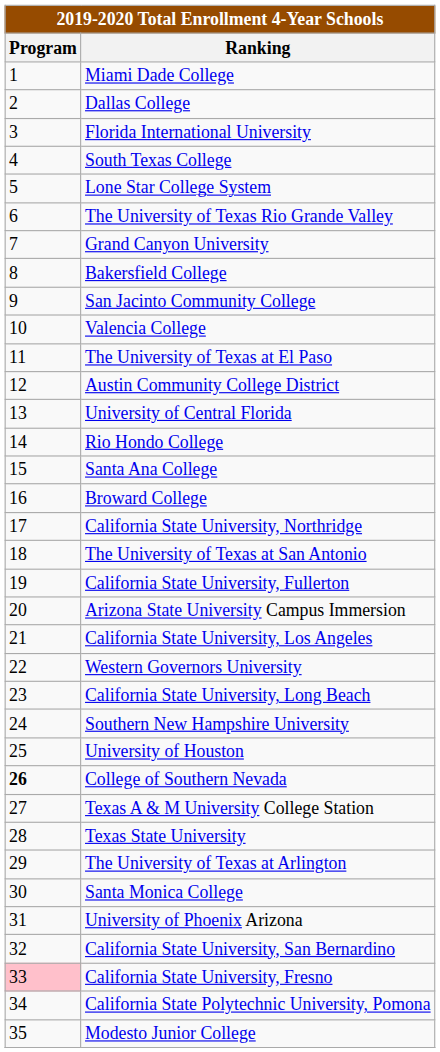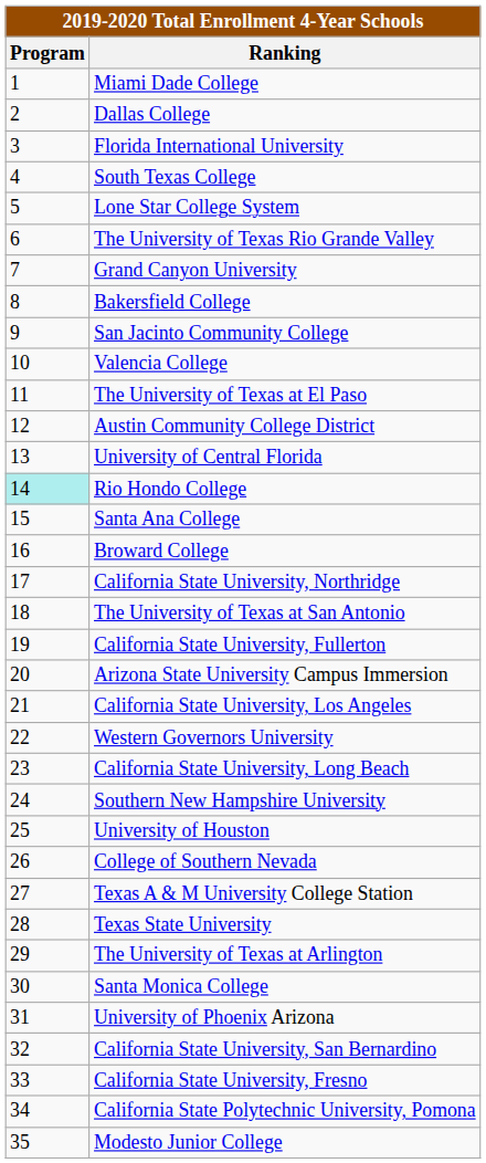 <table class="wikitable sortable collapsible collapsed" style="float:right" "text-align:center">
 <tr>
 <th colspan=4 style="background:#964B00; color:#FFFFFF; ">2019-2020 Total Enrollment 4-Year Schools</th>
 </tr>
 <tr>
 <th>Program</th>
 <th>Ranking</th>
 </tr>
 <tr>
 <td>1</td>
 <td><a href='#'>Miami Dade College</a></td>
 </tr>
 <tr>
 <td>2</td>
 <td><a href='#'>Dallas College</a></td>
 </tr>
 <tr>
 <td>3</td>
 <td><a href='#'>Florida International University</a></td>
 </tr>
 <tr>
 <td>4</td>
 <td><a href='#'>South Texas College</a></td>
 </tr>
 <tr>
 <td>5</td>
 <td><a href='#'>Lone Star College System</a></td>
 </tr>
 <tr>
 <td>6</td>
 <td><a href='#'>The University of Texas Rio Grande Valley</a></td>
 </tr>
 <tr>
 <td>7</td>
 <td><a href='#'>Grand Canyon University</a></td>
 </tr>
 <tr>
 <td>8</td>
 <td><a href='#'>Bakersfield College</a></td>
 </tr>
 <tr>
 <td>9</td>
 <td><a href='#'>San Jacinto Community College</a></td>
 </tr>
 <tr>
 <td>10</td>
 <td><a href='#'>Valencia College</a></td>
 </tr>
 <tr>
 <td>11</td>
 <td><a href='#'>The University of Texas at El Paso</a></td>
 </tr>
 <tr>
 <td>12</td>
 <td><a href='#'>Austin Community College District</a></td>
 </tr>
 <tr>
 <td>13</td>
 <td><a href='#'>University of Central Florida</a></td>
 </tr>
 <tr>
-<td>14</td>
+<td style="background: paleturquoise;">14</td>
 <td><a href='#'>Rio Hondo College</a></td>
 </tr>
 <tr>
 <td>15</td>
 <td><a href='#'>Santa Ana College</a></td>
 </tr>
 <tr>
 <td>16</td>
 <td><a href='#'>Broward College</a></td>
 </tr>
 <tr>
 <td>17</td>
 <td><a href='#'>California State University, Northridge</a></td>
 </tr>
 <tr>
 <td>18</td>
 <td><a href='#'>The University of Texas at San Antonio</a></td>
 </tr>
 <tr>
 <td>19</td>
 <td><a href='#'>California State University, Fullerton</a></td>
 </tr>
 <tr>
 <td>20</td>
 <td><a href='#'>Arizona State University</a> Campus Immersion</td>
 </tr>
 <tr>
 <td>21</td>
 <td><a href='#'>California State University, Los Angeles</a></td>
 </tr>
 <tr>
 <td>22</td>
 <td><a href='#'>Western Governors University</a></td>
 </tr>
 <tr>
 <td>23</td>
 <td><a href='#'>California State University, Long Beach</a></td>
 </tr>
 <tr>
 <td>24</td>
 <td><a href='#'>Southern New Hampshire University</a></td>
 </tr>
 <tr>
 <td>25</td>
 <td><a href='#'>University of Houston</a></td>
 </tr>
 <tr>
-<td><strong>26</strong></td>
+<td>26</td>
 <td><a href='#'>College of Southern Nevada</a></td>
 </tr>
 <tr>
 <td>27</td>
 <td><a href='#'>Texas A & M University</a> College Station</td>
 </tr>
 <tr>
 <td>28</td>
 <td><a href='#'>Texas State University</a></td>
 </tr>
 <tr>
 <td>29</td>
 <td><a href='#'>The University of Texas at Arlington</a></td>
 </tr>
 <tr>
 <td>30</td>
 <td><a href='#'>Santa Monica College</a></td>
 </tr>
 <tr>
 <td>31</td>
 <td><a href='#'>University of Phoenix</a> Arizona</td>
 </tr>
 <tr>
 <td>32</td>
 <td><a href='#'>California State University, San Bernardino</a></td>
 </tr>
 <tr>
-<td style="background: pink;">33</td>
+<td>33</td>
 <td><a href='#'>California State University, Fresno</a></td>
 </tr>
 <tr>
 <td>34</td>
 <td><a href='#'>California State Polytechnic University, Pomona</a></td>
 </tr>
 <tr>
 <td>35</td>
 <td><a href='#'>Modesto Junior College</a></td>
 </tr>
 <tr>
 </tr>
 </table>
